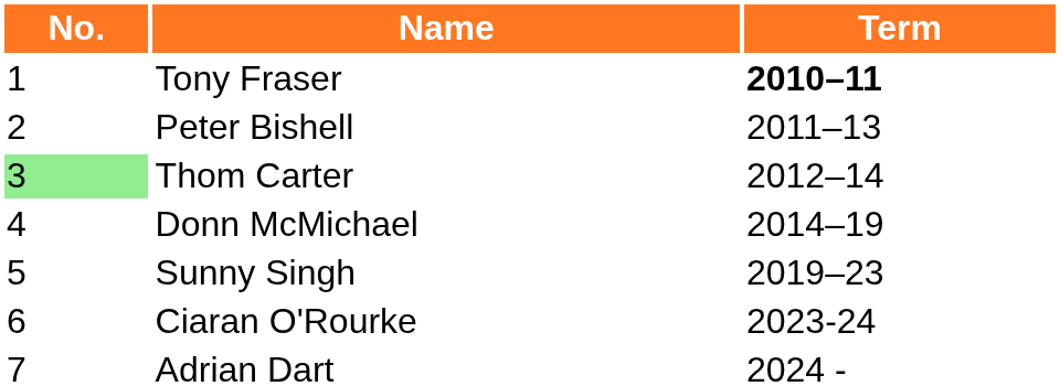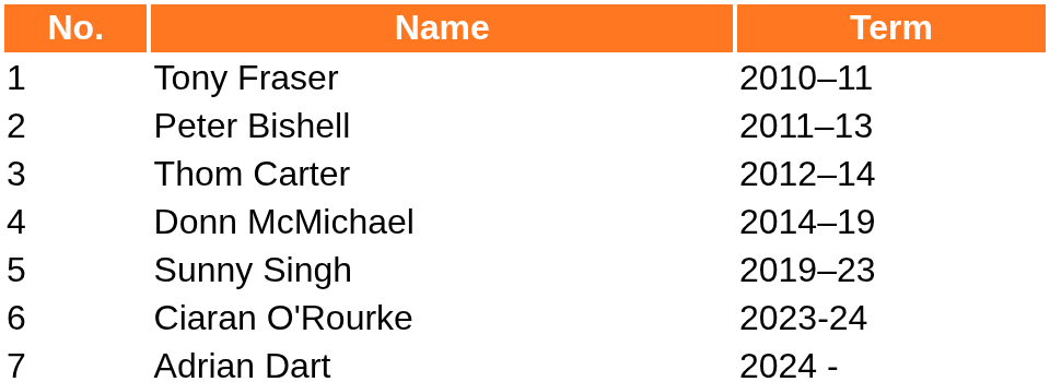 <table class="toccolours" style="width:30em">
 <tr>
 <th style="background:#FF7721;color:white;border:#FF7721 1px solid">No.</th>
 <th style="background:#FF7721;color:white;border:#FF7721 1px solid">Name</th>
 <th style="background:#FF7721;color:white;border:#FF7721 1px solid">Term</th>
 </tr>
 <tr>
 <td>1</td>
 <td> Tony Fraser</td>
-<td><strong>2010–11</strong></td>
+<td>2010–11</td>
 </tr>
 <tr>
 <td>2</td>
 <td> Peter Bishell</td>
 <td>2011–13</td>
 </tr>
 <tr>
-<td style="background: lightgreen;">3</td>
+<td>3</td>
 <td> Thom Carter</td>
 <td>2012–14</td>
 </tr>
 <tr>
 <td>4</td>
 <td> Donn McMichael</td>
 <td>2014–19</td>
 </tr>
 <tr>
 <td>5</td>
 <td> Sunny Singh</td>
 <td>2019–23</td>
 </tr>
 <tr>
 <td>6</td>
 <td> Ciaran O'Rourke</td>
 <td>2023-24</td>
 </tr>
 <tr>
 <td>7</td>
 <td> Adrian Dart</td>
 <td>2024 -</td>
 </tr>
 <tr>
 </tr>
 </table>
